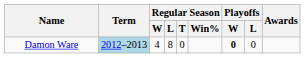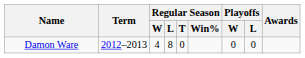 <table class="wikitable">
 <tr>
 <th rowspan="2" style="width:140px;">Name</th>
 <th rowspan="2">Term</th>
 <th colspan="4">Regular Season</th>
 <th colspan="2">Playoffs</th>
 <th rowspan="2">Awards</th>
 </tr>
 <tr>
 <th>W</th>
 <th>L</th>
 <th>T</th>
 <th>Win%</th>
 <th>W</th>
 <th>L</th>
 </tr>
 <tr>
 <td style="text-align:center;"><a href='#'>Damon Ware</a></td>
-<td style="background: lightblue; text-align:center;"><a href='#'>2012</a>–2013</td>
+<td style="text-align:center;"><a href='#'>2012</a>–2013</td>
 <td style="text-align:center;">4</td>
 <td style="text-align:center;">8</td>
 <td style="text-align:center;">0</td>
 <td style="text-align:center;"></td>
-<td style="text-align:center;"><strong>0</strong></td>
+<td style="text-align:center;">0</td>
 <td style="text-align:center;">0</td>
 <td style="text-align:center;"></td>
 </tr>
 </table>
